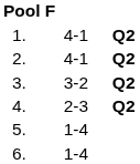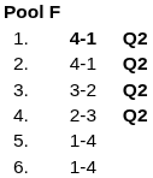 <table style="text-align:center">
 <tr>
 <td colspan=4 align=left><strong>Pool F</strong></td>
 </tr>
 <tr>
 <td width=30>1.</td>
 <td align=left></td>
-<td width=60>4-1</td>
+<td width=60><strong>4-1</strong></td>
 <td><strong>Q2</strong></td>
 </tr>
 <tr>
 <td>2.</td>
 <td align=left></td>
 <td>4-1</td>
 <td><strong>Q2</strong></td>
 </tr>
 <tr>
 <td>3.</td>
 <td align=left></td>
 <td>3-2</td>
 <td><strong>Q2</strong></td>
 </tr>
 <tr>
 <td>4.</td>
 <td align=left></td>
 <td>2-3</td>
 <td><strong>Q2</strong></td>
 </tr>
 <tr>
 <td>5.</td>
 <td align=left></td>
 <td>1-4</td>
 <td></td>
 </tr>
 <tr>
 <td>6.</td>
 <td align=left></td>
 <td>1-4</td>
 <td></td>
 </tr>
 </table>
